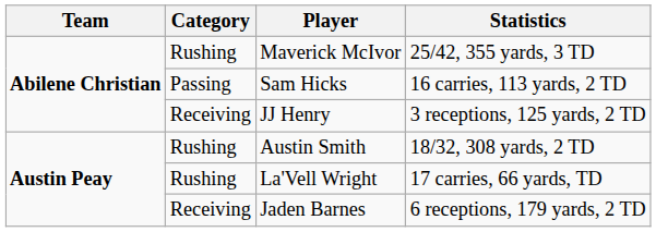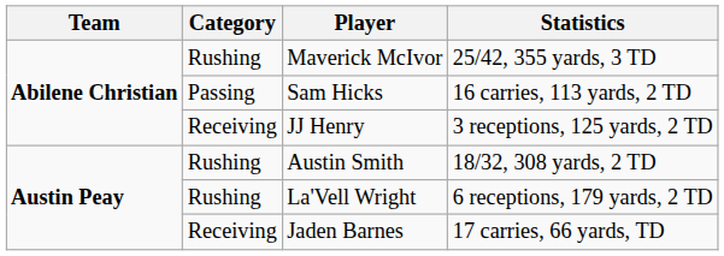 <table class="wikitable" style="float: right;">
 <tr>
 <th>Team</th>
 <th>Category</th>
 <th>Player</th>
 <th>Statistics</th>
 </tr>
 <tr>
 <td rowspan=3><strong>Abilene Christian</strong></td>
 <td>Rushing</td>
 <td>Maverick McIvor</td>
 <td>25/42, 355 yards, 3 TD</td>
 </tr>
 <tr>
 <td>Passing</td>
 <td>Sam Hicks</td>
 <td>16 carries, 113 yards, 2 TD</td>
 </tr>
 <tr>
 <td>Receiving</td>
 <td>JJ Henry</td>
 <td>3 receptions, 125 yards, 2 TD</td>
 </tr>
 <tr>
 <td rowspan=3><strong>Austin Peay</strong></td>
 <td>Rushing</td>
 <td>Austin Smith</td>
 <td>18/32, 308 yards, 2 TD</td>
 </tr>
 <tr>
 <td>Rushing</td>
 <td>La'Vell Wright</td>
-<td>17 carries, 66 yards, TD</td>
+<td>6 receptions, 179 yards, 2 TD</td>
 </tr>
 <tr>
 <td>Receiving</td>
 <td>Jaden Barnes</td>
-<td>6 receptions, 179 yards, 2 TD</td>
+<td>17 carries, 66 yards, TD</td>
 </tr>
 </table>
